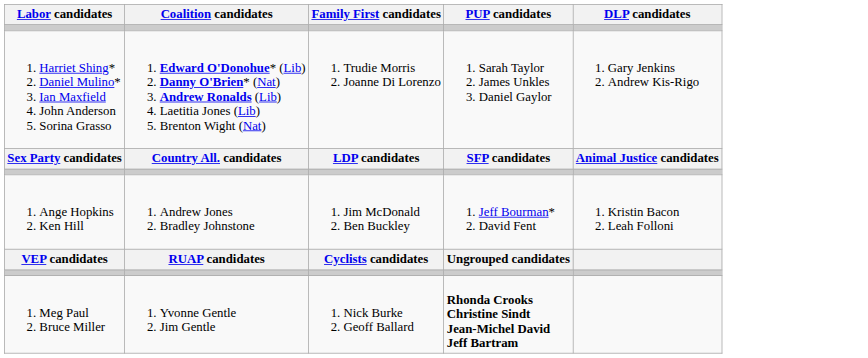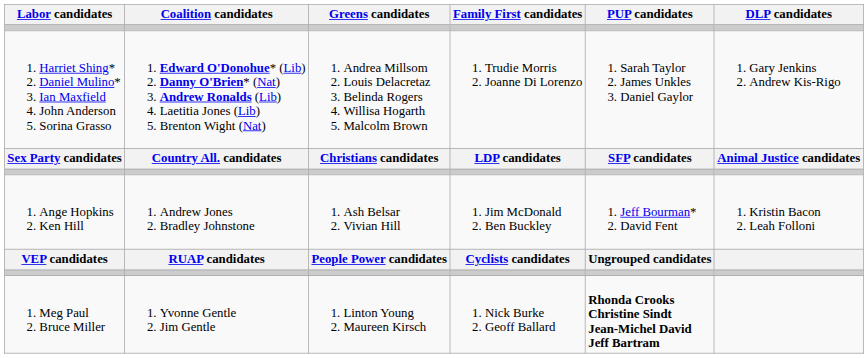 <table class="wikitable">
 <tr>
 <th><a href='#'>Labor</a> candidates</th>
 <th><a href='#'>Coalition</a> candidates</th>
+<th><a href='#'>Greens</a> candidates</th>
 <th><a href='#'>Family First</a> candidates</th>
 <th><a href='#'>PUP</a> candidates</th>
 <th><a href='#'>DLP</a> candidates</th>
 </tr>
 <tr bgcolor="#cccccc">
 <td></td>
 <td></td>
 <td></td>
 <td></td>
 <td></td>
+<td></td>
 </tr>
 <tr>
 <td><br><ol><li><a href='#'>Harriet Shing</a>*</li><li><a href='#'>Daniel Mulino</a>*</li><li><a href='#'>Ian Maxfield</a></li><li>John Anderson</li><li>Sorina Grasso</li></ol></td>
 <td><br><ol><li><strong><a href='#'>Edward O'Donohue</a></strong>* (<a href='#'>Lib</a>)</li><li><strong><a href='#'>Danny O'Brien</a></strong>* (<a href='#'>Nat</a>)</li><li><strong><a href='#'>Andrew Ronalds</a></strong> (<a href='#'>Lib</a>)</li><li>Laetitia Jones (<a href='#'>Lib</a>)</li><li>Brenton Wight (<a href='#'>Nat</a>)</li></ol></td>
+<td valign=top><br><ol><li>Andrea Millsom</li><li>Louis Delacretaz</li><li>Belinda Rogers</li><li>Willisa Hogarth</li><li>Malcolm Brown</li></ol></td>
 <td valign=top><br><ol><li>Trudie Morris</li><li>Joanne Di Lorenzo</li></ol></td>
 <td valign=top><br><ol><li>Sarah Taylor</li><li>James Unkles</li><li>Daniel Gaylor</li></ol></td>
 <td valign=top><br><ol><li>Gary Jenkins</li><li>Andrew Kis-Rigo</li></ol></td>
 </tr>
 <tr bgcolor="#cccccc">
 <th><a href='#'>Sex Party</a> candidates</th>
 <th><a href='#'>Country All.</a> candidates</th>
+<th><a href='#'>Christians</a> candidates</th>
 <th><a href='#'>LDP</a> candidates</th>
 <th><a href='#'>SFP</a> candidates</th>
 <th><a href='#'>Animal Justice</a> candidates</th>
 </tr>
 <tr bgcolor="#cccccc">
 <td></td>
 <td></td>
 <td></td>
 <td></td>
 <td></td>
+<td></td>
 </tr>
 <tr>
 <td valign=top><br><ol><li>Ange Hopkins</li><li>Ken Hill</li></ol></td>
 <td valign=top><br><ol><li>Andrew Jones</li><li>Bradley Johnstone</li></ol></td>
+<td valign=top><br><ol><li>Ash Belsar</li><li>Vivian Hill</li></ol></td>
 <td valign=top><br><ol><li>Jim McDonald</li><li>Ben Buckley</li></ol></td>
 <td><br><ol><li><a href='#'>Jeff Bourman</a>*</li><li>David Fent</li></ol></td>
 <td valign=top><br><ol><li>Kristin Bacon</li><li>Leah Folloni</li></ol></td>
 </tr>
 <tr bgcolor="#cccccc">
 <th><a href='#'>VEP</a> candidates</th>
 <th><a href='#'>RUAP</a> candidates</th>
+<th><a href='#'>People Power</a> candidates</th>
 <th><a href='#'>Cyclists</a> candidates</th>
 <th>Ungrouped candidates</th>
 <th></th>
 </tr>
 <tr bgcolor="#cccccc">
 <td></td>
 <td></td>
 <td></td>
 <td></td>
 <td></td>
+<td></td>
 </tr>
 <tr>
 <td valign=top><br><ol><li>Meg Paul</li><li>Bruce Miller</li></ol></td>
 <td valign=top><br><ol><li>Yvonne Gentle</li><li>Jim Gentle</li></ol></td>
+<td valign=top><br><ol><li>Linton Young</li><li>Maureen Kirsch</li></ol></td>
 <td valign=top><br><ol><li>Nick Burke</li><li>Geoff Ballard</li></ol></td>
 <td valign=top><strong><br>Rhonda Crooks <br>  Christine Sindt <br> Jean-Michel David <br>  Jeff Bartram</strong></td>
 <td valign=top></td>
 </tr>
 </table>
